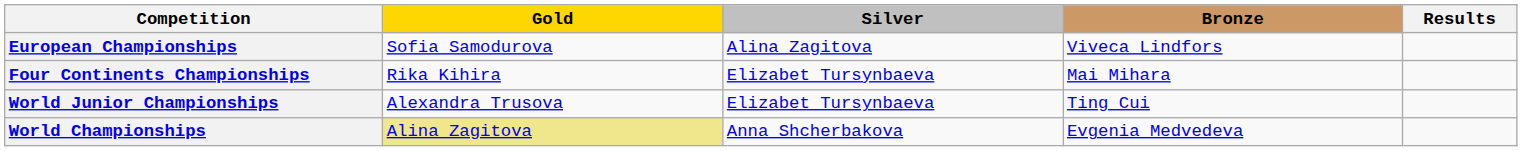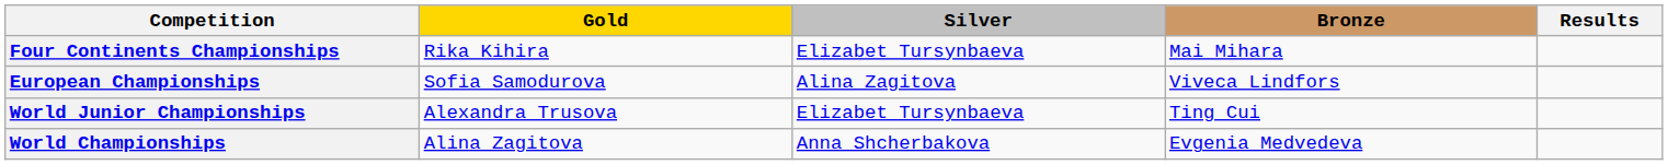 <table class="wikitable unsortable" style="text-align:left; width:90%">
 <tr>
 <th scope="col" style="text-align:center; width:25%;">Competition</th>
 <td scope="col" style="text-align:center; width:22.5%; background:gold"><strong>Gold</strong></td>
 <td scope="col" style="text-align:center; width:22.5%; background:silver"><strong>Silver</strong></td>
 <td scope="col" style="text-align:center; width:22.5%; background:#c96"><strong>Bronze</strong></td>
 <th scope="col" style="text-align:center; width:7.5%;">Results</th>
 </tr>
 <tr>
+<th scope="row" style="text-align:left"> <a href='#'>Four Continents Championships</a></th>
+<td> <a href='#'>Rika Kihira</a></td>
+<td> <a href='#'>Elizabet Tursynbaeva</a></td>
+<td> <a href='#'>Mai Mihara</a></td>
+<td></td>
+</tr>
+<tr>
 <th scope="row" style="text-align:left"> <a href='#'>European Championships</a></th>
 <td> <a href='#'>Sofia Samodurova</a></td>
 <td> <a href='#'>Alina Zagitova</a></td>
 <td> <a href='#'>Viveca Lindfors</a></td>
-<td></td>
-</tr>
-<tr>
-<th scope="row" style="text-align:left"> <a href='#'>Four Continents Championships</a></th>
-<td> <a href='#'>Rika Kihira</a></td>
-<td> <a href='#'>Elizabet Tursynbaeva</a></td>
-<td> <a href='#'>Mai Mihara</a></td>
 <td></td>
 </tr>
 <tr>
 <th scope="row" style="text-align:left"> <a href='#'>World Junior Championships</a></th>
 <td> <a href='#'>Alexandra Trusova</a></td>
 <td> <a href='#'>Elizabet Tursynbaeva</a></td>
 <td> <a href='#'>Ting Cui</a></td>
 <td></td>
 </tr>
 <tr>
 <th scope="row" style="text-align:left"> <a href='#'>World Championships</a></th>
-<td style="background: khaki;"> <a href='#'>Alina Zagitova</a></td>
+<td> <a href='#'>Alina Zagitova</a></td>
 <td> <a href='#'>Anna Shcherbakova</a></td>
 <td> <a href='#'>Evgenia Medvedeva</a></td>
 <td></td>
 </tr>
 </table>
